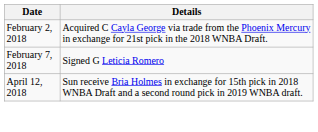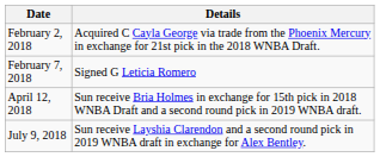 <table class="wikitable" style="width:80%" style="text-align:center;">
 <tr>
 <th>Date</th>
 <th>Details</th>
 </tr>
 <tr>
 <td>February 2, 2018</td>
 <td>Acquired C <a href='#'>Cayla George</a> via trade from the <a href='#'>Phoenix Mercury</a> in exchange for 21st pick in the 2018 WNBA Draft.</td>
 </tr>
 <tr>
 <td>February 7, 2018</td>
 <td>Signed G <a href='#'>Leticia Romero</a></td>
 </tr>
 <tr>
 <td>April 12, 2018</td>
 <td>Sun receive <a href='#'>Bria Holmes</a> in exchange for 15th pick in 2018 WNBA Draft and a second round pick in 2019 WNBA draft.</td>
 </tr>
+<tr>
+<td>July 9, 2018</td>
+<td>Sun receive <a href='#'>Layshia Clarendon</a> and a second round pick in 2019 WNBA draft in exchange for <a href='#'>Alex Bentley</a>.</td>
+</tr>
 </table>
